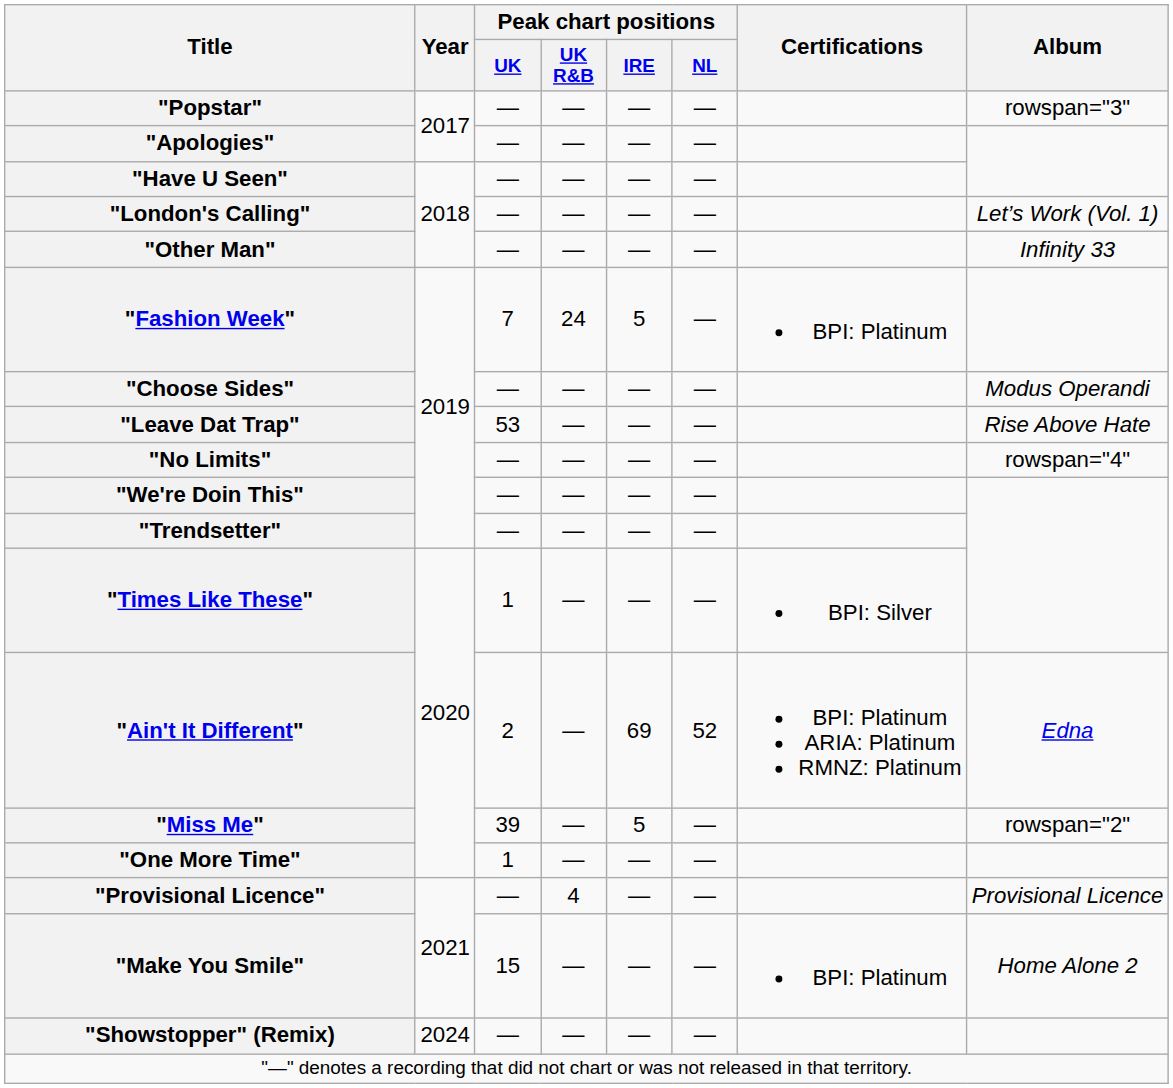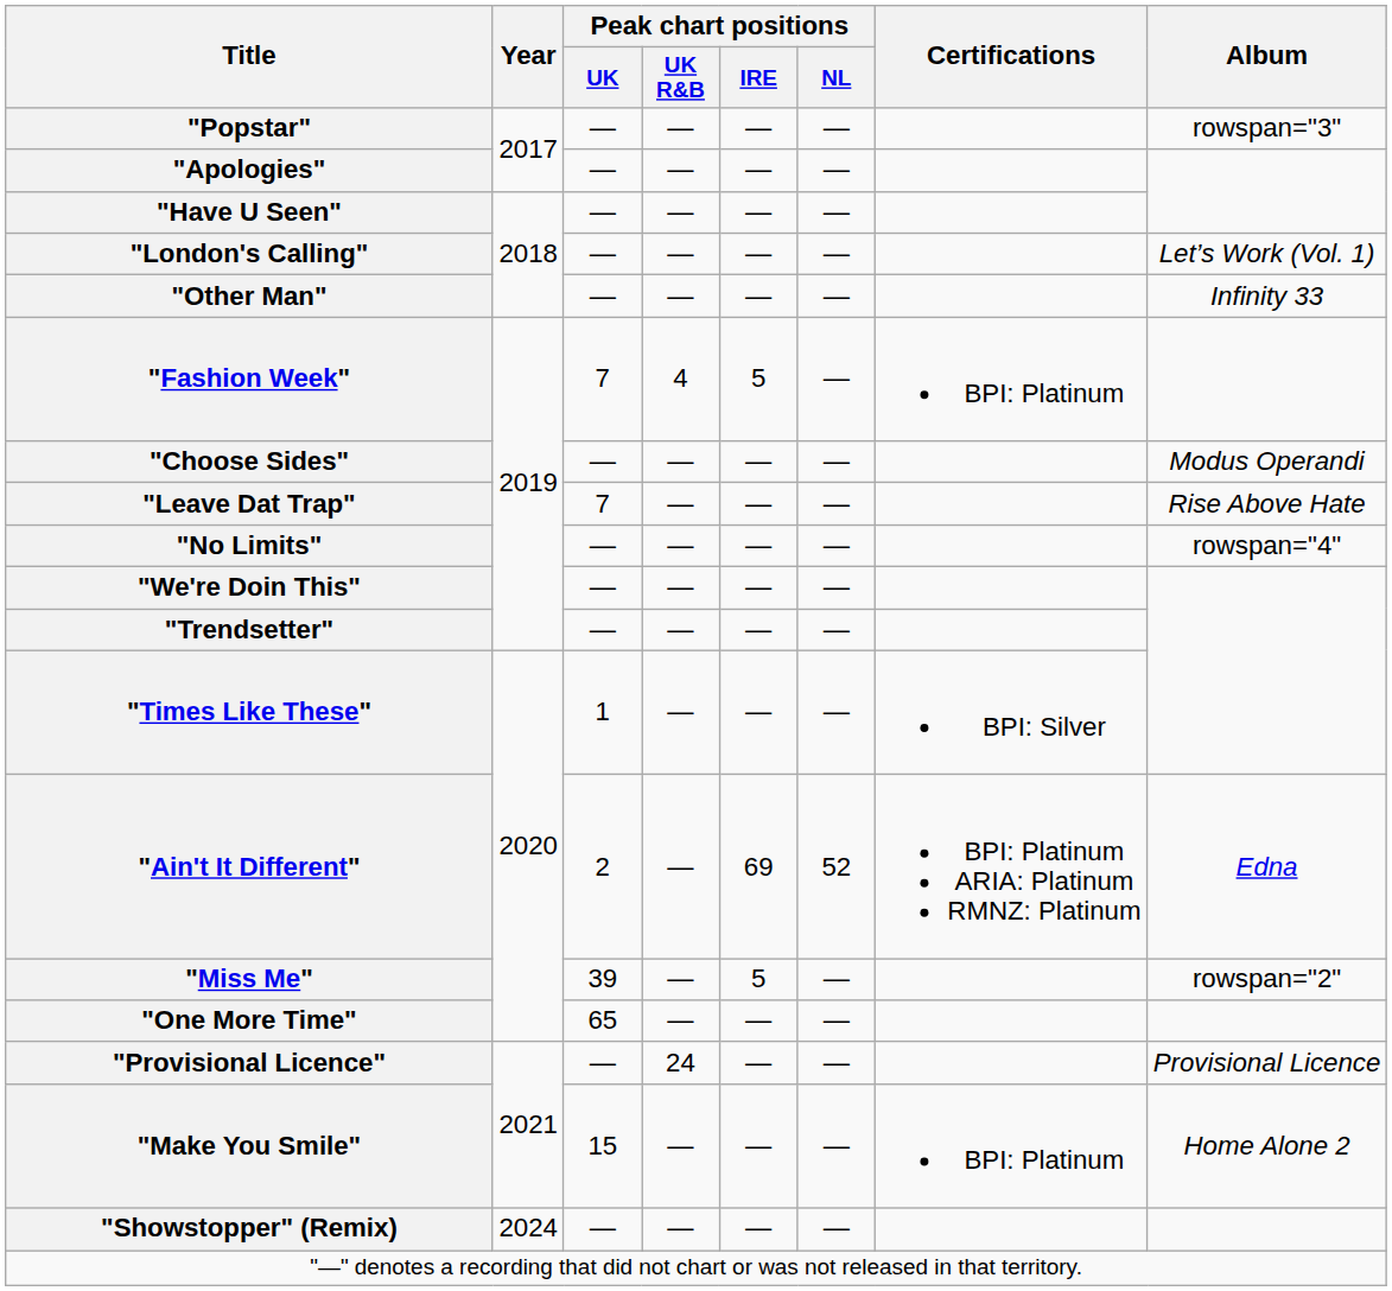 <table class="wikitable plainrowheaders" style="text-align:center;">
 <tr>
 <th scope="col" rowspan="2" style="width:18em;">Title</th>
 <th scope="col" rowspan="2" style="width:1em;">Year</th>
 <th scope="col" colspan="4">Peak chart positions</th>
 <th scope="col" rowspan="2">Certifications</th>
 <th scope="col" rowspan="2">Album</th>
 </tr>
 <tr>
 <th scope="col" style="width:3em;font-size:85%;"><a href='#'>UK</a><br></th>
 <th scope="col" style="width:3em;font-size:85%;"><a href='#'>UK<br>R&B</a><br></th>
 <th scope="col" style="width:3em;font-size:85%;"><a href='#'>IRE</a><br></th>
 <th scope="col" style="width:3em;font-size:85%;"><a href='#'>NL</a><br></th>
 </tr>
 <tr>
 <th scope="row">"Popstar"<br></th>
 <td rowspan="2">2017</td>
 <td>—</td>
 <td>—</td>
 <td>—</td>
 <td>—</td>
 <td></td>
 <td>rowspan="3" </td>
 </tr>
 <tr>
 <th scope="row">"Apologies"<br></th>
 <td>—</td>
 <td>—</td>
 <td>—</td>
 <td>—</td>
 <td></td>
 </tr>
 <tr>
 <th scope="row">"Have U Seen"<br></th>
 <td rowspan="3">2018</td>
 <td>—</td>
 <td>—</td>
 <td>—</td>
 <td>—</td>
 <td></td>
 </tr>
 <tr>
 <th scope="row">"London's Calling"<br></th>
 <td>—</td>
 <td>—</td>
 <td>—</td>
 <td>—</td>
 <td></td>
 <td><em>Let’s Work (Vol. 1)</em></td>
 </tr>
 <tr>
 <th scope="row">"Other Man"<br></th>
 <td>—</td>
 <td>—</td>
 <td>—</td>
 <td>—</td>
 <td></td>
 <td><em>Infinity 33</em></td>
 </tr>
 <tr>
 <th scope="row">"<a href='#'>Fashion Week</a>"<br></th>
 <td rowspan="6">2019</td>
 <td>7</td>
-<td>24</td>
+<td>4</td>
 <td>5</td>
 <td>—</td>
 <td><br><ul><li>BPI: Platinum</li></ul></td>
 <td></td>
 </tr>
 <tr>
 <th scope="row">"Choose Sides"<br></th>
 <td>—</td>
 <td>—</td>
 <td>—</td>
 <td>—</td>
 <td></td>
 <td><em>Modus Operandi</em></td>
 </tr>
 <tr>
 <th scope="row">"Leave Dat Trap"<br></th>
-<td>53</td>
+<td>7</td>
 <td>—</td>
 <td>—</td>
 <td>—</td>
 <td></td>
 <td><em>Rise Above Hate</em></td>
 </tr>
 <tr>
 <th scope="row">"No Limits"<br></th>
 <td>—</td>
 <td>—</td>
 <td>—</td>
 <td>—</td>
 <td></td>
 <td>rowspan="4" </td>
 </tr>
 <tr>
 <th scope="row">"We're Doin This"<br></th>
 <td>—</td>
 <td>—</td>
 <td>—</td>
 <td>—</td>
 <td></td>
 </tr>
 <tr>
 <th scope="row">"Trendsetter"<br></th>
 <td>—</td>
 <td>—</td>
 <td>—</td>
 <td>—</td>
 <td></td>
 </tr>
 <tr>
 <th scope="row">"<a href='#'>Times Like These</a>"<br></th>
 <td rowspan="4">2020</td>
 <td>1</td>
 <td>—</td>
 <td>—</td>
 <td>—</td>
 <td><br><ul><li>BPI: Silver</li></ul></td>
 </tr>
 <tr>
 <th scope="row">"<a href='#'>Ain't It Different</a>"<br></th>
 <td>2</td>
 <td>—</td>
 <td>69</td>
 <td>52</td>
 <td><br><ul><li>BPI: Platinum</li><li>ARIA: Platinum</li><li>RMNZ: Platinum</li></ul></td>
 <td><em><a href='#'>Edna</a></em></td>
 </tr>
 <tr>
 <th scope="row">"<a href='#'>Miss Me</a>"<br></th>
 <td>39</td>
 <td>—</td>
 <td>5</td>
 <td>—</td>
 <td></td>
 <td>rowspan="2" </td>
 </tr>
 <tr>
 <th scope="row">"One More Time"<br></th>
-<td>1</td>
+<td>65</td>
 <td>—</td>
 <td>—</td>
 <td>—</td>
 <td></td>
 </tr>
 <tr>
 <th scope="row">"Provisional Licence"<br></th>
 <td rowspan="2">2021</td>
 <td>—</td>
-<td>4</td>
+<td>24</td>
 <td>—</td>
 <td>—</td>
 <td></td>
 <td><em>Provisional Licence</em></td>
 </tr>
 <tr>
 <th scope="row">"Make You Smile"<br></th>
 <td>15</td>
 <td>—</td>
 <td>—</td>
 <td>—</td>
 <td><br><ul><li>BPI: Platinum</li></ul></td>
 <td><em>Home Alone 2</em></td>
 </tr>
 <tr>
 <th scope="row">"Showstopper" (Remix)<br></th>
 <td rowspan="1">2024</td>
 <td>—</td>
 <td>—</td>
 <td>—</td>
 <td>—</td>
 <td></td>
 <td></td>
 </tr>
 <tr>
 <td colspan="20" style="font-size:85%">"—" denotes a recording that did not chart or was not released in that territory.</td>
 </tr>
 </table>
